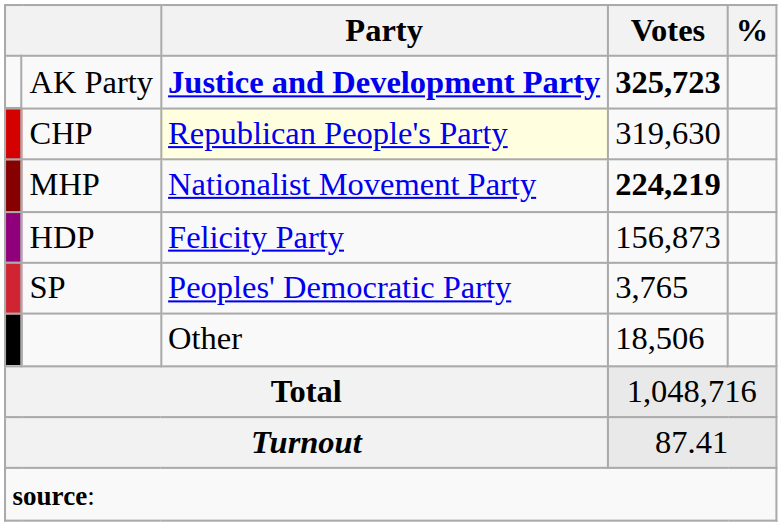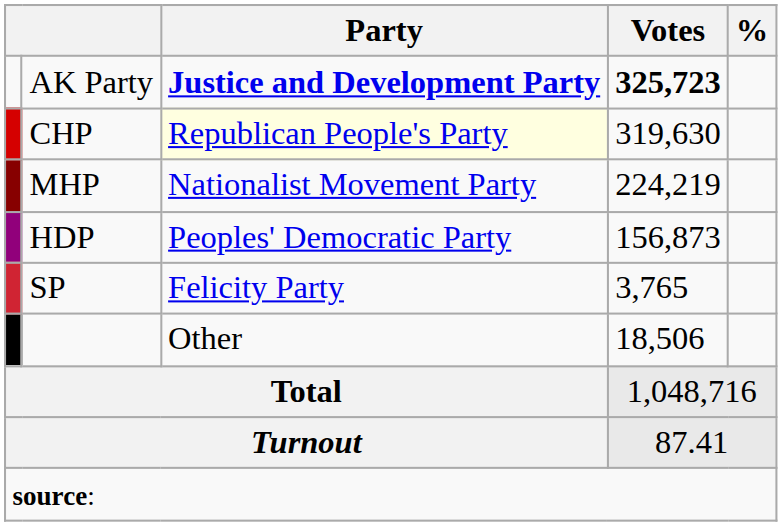 <table class="wikitable">
 <tr>
 <th colspan="2" align="center"></th>
 <th align="center">Party</th>
 <th align="center">Votes</th>
 <th align="center">%</th>
 </tr>
 <tr align="left">
 <td></td>
 <td>AK Party</td>
 <td><strong><a href='#'>Justice and Development Party</a></strong></td>
 <td><strong>325,723</strong></td>
 <td><strong></strong></td>
 </tr>
 <tr align="left">
 <td bgcolor="#d50000" width="1"></td>
 <td>CHP</td>
 <td style="background: lightyellow;"><a href='#'>Republican People's Party</a></td>
 <td>319,630</td>
 <td></td>
 </tr>
 <tr align="left">
 <td bgcolor="#870000" width="1"></td>
 <td>MHP</td>
 <td><a href='#'>Nationalist Movement Party</a></td>
-<td><strong>224,219</strong></td>
+<td>224,219</td>
 <td></td>
 </tr>
 <tr align="left">
 <td bgcolor="#91007B" width="1"></td>
 <td>HDP</td>
-<td><a href='#'>Felicity Party</a></td>
+<td><a href='#'>Peoples' Democratic Party</a></td>
 <td>156,873</td>
 <td></td>
 </tr>
 <tr align="left">
 <td bgcolor="#D02433" width="1"></td>
 <td>SP</td>
-<td><a href='#'>Peoples' Democratic Party</a></td>
+<td><a href='#'>Felicity Party</a></td>
 <td>3,765</td>
 <td></td>
 </tr>
 <tr align="left">
 <td bgcolor=" " width="1"></td>
 <td></td>
 <td>Other</td>
 <td>18,506</td>
 <td></td>
 </tr>
 <tr align="left" style="background-color:#E9E9E9">
 <th colspan="3" align="center"><strong>Total</strong></th>
 <td colspan="5" align="center">1,048,716</td>
 </tr>
 <tr align="left" style="background-color:#E9E9E9">
 <th colspan="3" align="center"><em>Turnout</em></th>
 <td colspan="5" align="center">87.41</td>
 </tr>
 <tr>
 <td colspan="9" align="left"><small><strong>source</strong>: </small></td>
 </tr>
 </table>
